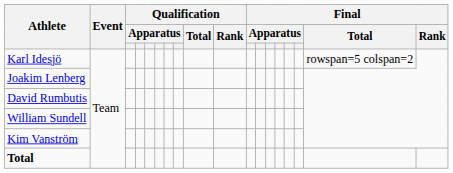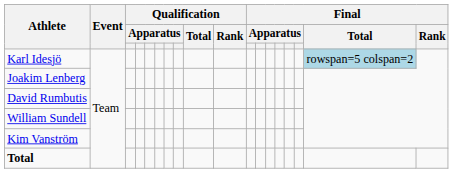 <table class="wikitable" style="font-size:90%">
 <tr>
 <th rowspan=3>Athlete</th>
 <th rowspan=3>Event</th>
 <th colspan =8>Qualification</th>
 <th colspan =8>Final</th>
 </tr>
 <tr style="font-size:95%">
 <th colspan=6>Apparatus</th>
 <th rowspan=2>Total</th>
 <th rowspan=2>Rank</th>
 <th colspan=6>Apparatus</th>
 <th rowspan=2>Total</th>
 <th rowspan=2>Rank</th>
 </tr>
 <tr style="font-size:95%">
 <th></th>
 <th></th>
 <th></th>
 <th></th>
 <th></th>
 <th></th>
 <th></th>
 <th></th>
 <th></th>
 <th></th>
 <th></th>
 <th></th>
 </tr>
 <tr align=center>
 <td align=left><a href='#'>Karl Idesjö</a></td>
 <td align=left rowspan=6>Team</td>
 <td></td>
 <td></td>
 <td></td>
 <td></td>
 <td></td>
 <td></td>
 <td></td>
 <td></td>
 <td></td>
 <td></td>
 <td></td>
 <td></td>
 <td></td>
 <td></td>
-<td>rowspan=5 colspan=2</td>
+<td style="background: lightblue;">rowspan=5 colspan=2</td>
 </tr>
 <tr align=center>
 <td align=left><a href='#'>Joakim Lenberg</a></td>
 <td></td>
 <td></td>
 <td></td>
 <td></td>
 <td></td>
 <td></td>
 <td></td>
 <td></td>
 <td></td>
 <td></td>
 <td></td>
 <td></td>
 <td></td>
 <td></td>
 </tr>
 <tr align=center>
 <td align=left><a href='#'>David Rumbutis</a></td>
 <td></td>
 <td></td>
 <td></td>
 <td></td>
 <td></td>
 <td></td>
 <td></td>
 <td></td>
 <td></td>
 <td></td>
 <td></td>
 <td></td>
 <td></td>
 <td></td>
 </tr>
 <tr align=center>
 <td align=left><a href='#'>William Sundell</a></td>
 <td></td>
 <td></td>
 <td></td>
 <td></td>
 <td></td>
 <td></td>
 <td></td>
 <td></td>
 <td></td>
 <td></td>
 <td></td>
 <td></td>
 <td></td>
 <td></td>
 </tr>
 <tr align=center>
 <td align=left><a href='#'>Kim Vanström</a></td>
 <td></td>
 <td></td>
 <td></td>
 <td></td>
 <td></td>
 <td></td>
 <td></td>
 <td></td>
 <td></td>
 <td></td>
 <td></td>
 <td></td>
 <td></td>
 <td></td>
 </tr>
 <tr align=center>
 <td align=left><strong>Total</strong></td>
 <td></td>
 <td></td>
 <td></td>
 <td></td>
 <td></td>
 <td></td>
 <td></td>
 <td></td>
 <td></td>
 <td></td>
 <td></td>
 <td></td>
 <td></td>
 <td></td>
 <td></td>
 <td></td>
 </tr>
 </table>
